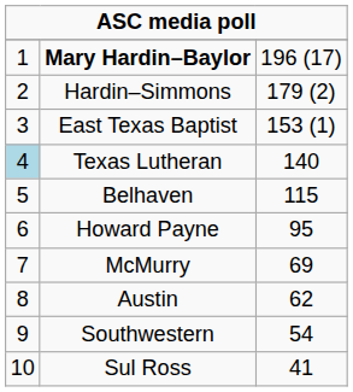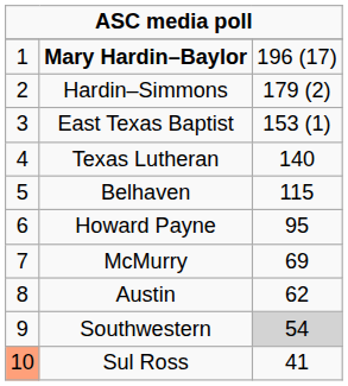 <table class="wikitable" style="display: inline-table;">
 <tr>
 <td align="center" Colspan="3"><strong>ASC media poll</strong></td>
 </tr>
 <tr align="center">
 </tr>
 <tr align="center">
 <td>1</td>
 <td><strong>Mary Hardin–Baylor</strong></td>
 <td>196 (17)</td>
 </tr>
 <tr align="center">
 <td>2</td>
 <td>Hardin–Simmons</td>
 <td>179 (2)</td>
 </tr>
 <tr align="center">
 <td>3</td>
 <td>East Texas Baptist</td>
 <td>153 (1)</td>
 </tr>
 <tr align="center">
-<td style="background: lightblue;">4</td>
+<td>4</td>
 <td>Texas Lutheran</td>
 <td>140</td>
 </tr>
 <tr align="center">
 <td>5</td>
 <td>Belhaven</td>
 <td>115</td>
 </tr>
 <tr align="center">
 <td>6</td>
 <td>Howard Payne</td>
 <td>95</td>
 </tr>
 <tr align="center">
 <td>7</td>
 <td>McMurry</td>
 <td>69</td>
 </tr>
 <tr align="center">
 <td>8</td>
 <td>Austin</td>
 <td>62</td>
 </tr>
 <tr align="center">
 <td>9</td>
 <td>Southwestern</td>
-<td>54</td>
+<td style="background: lightgrey;">54</td>
 </tr>
 <tr align="center">
-<td>10</td>
+<td style="background: lightsalmon;">10</td>
 <td>Sul Ross</td>
 <td>41</td>
 </tr>
 </table>
